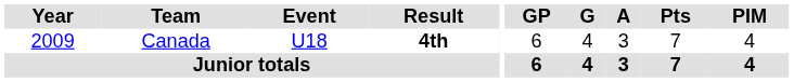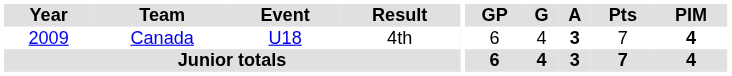 <table border="0" cellpadding="1" cellspacing="0" ID="Table3" style="text-align:center; width:40em">
 <tr ALIGN="centre" bgcolor="#e0e0e0">
 <th>Year</th>
 <th>Team</th>
 <th>Event</th>
 <th>Result</th>
 <th rowspan="99" bgcolor="#ffffff"></th>
 <th>GP</th>
 <th>G</th>
 <th>A</th>
 <th>Pts</th>
 <th>PIM</th>
 </tr>
 <tr>
 <td><a href='#'>2009</a></td>
 <td><a href='#'>Canada</a></td>
 <td><a href='#'>U18</a></td>
-<td><strong>4th</strong></td>
+<td>4th</td>
 <td>6</td>
 <td>4</td>
-<td>3</td>
+<td><strong>3</strong></td>
 <td>7</td>
-<td>4</td>
+<td><strong>4</strong></td>
 </tr>
 <tr ALIGN="centre" bgcolor="#e0e0e0">
 <th colspan=4>Junior totals</th>
 <th>6</th>
 <th>4</th>
 <th>3</th>
 <th>7</th>
 <th>4</th>
 </tr>
 </table>
